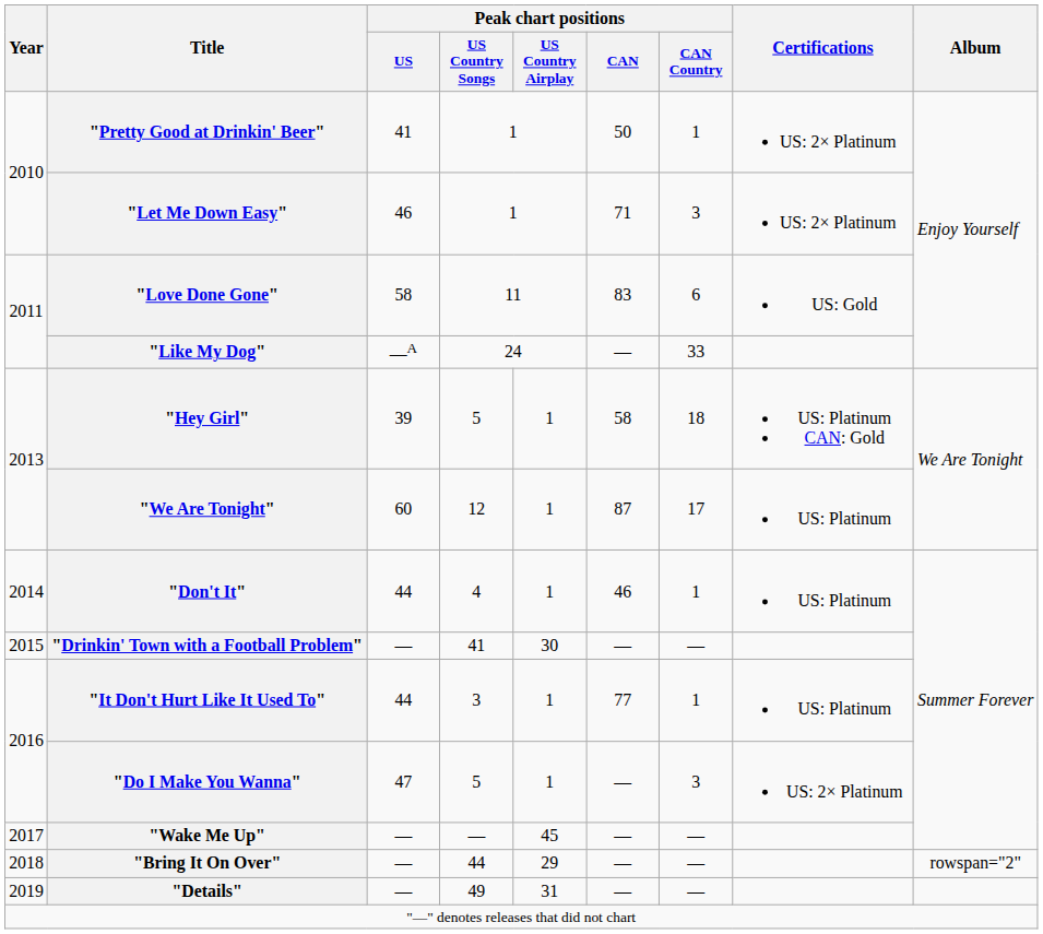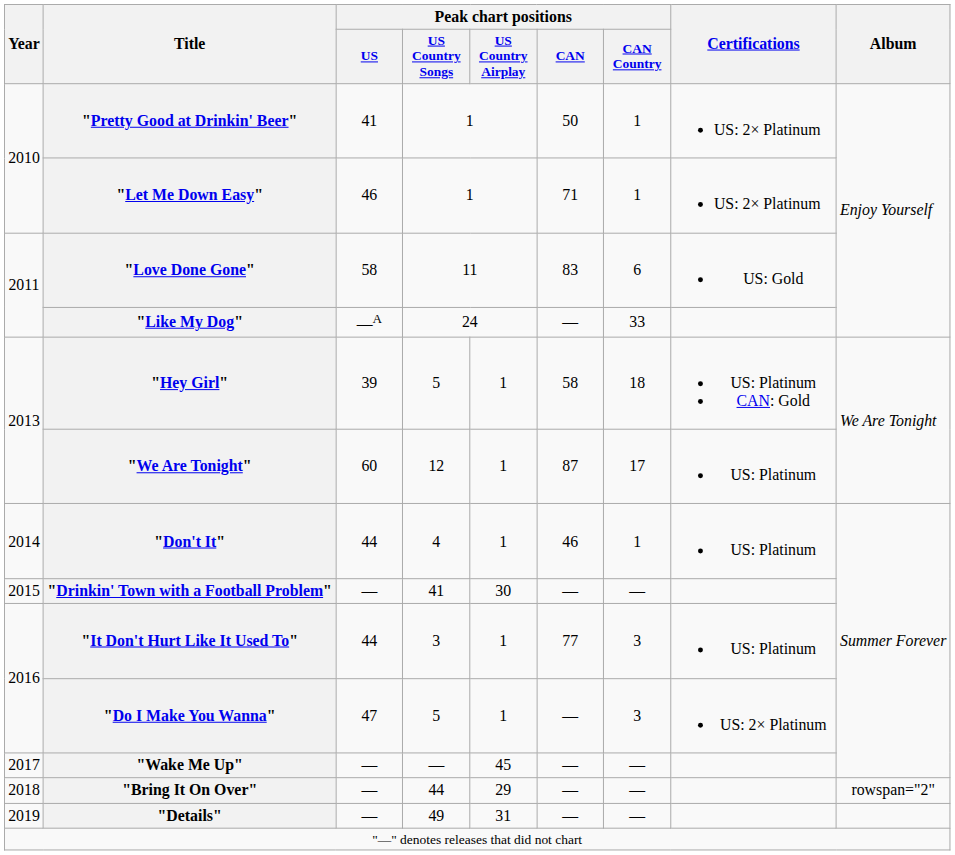 <table class="wikitable plainrowheaders" style="text-align:center;" border="1">
 <tr>
 <th scope="col" rowspan="2">Year</th>
 <th scope="col" rowspan="2" style="width:18em;">Title</th>
 <th scope="col" colspan="5">Peak chart positions</th>
 <th scope="col" rowspan="2" style="width:10em;"><a href='#'>Certifications</a></th>
 <th scope="col" rowspan="2">Album</th>
 </tr>
 <tr>
 <th scope="col" style="width:4.5em;font-size:85%;"><a href='#'>US</a><br></th>
 <th scope="col" style="width:4.5em;font-size:85%;"><a href='#'>US Country Songs</a><br></th>
 <th scope="col" style="width:4.5em;font-size:85%;"><a href='#'>US Country Airplay</a><br></th>
 <th scope="col" style="width:4.5em;font-size:85%;"><a href='#'>CAN</a><br></th>
 <th scope="col" style="width:4.5em;font-size:85%;"><a href='#'>CAN Country</a><br></th>
 </tr>
 <tr>
 <td rowspan="2">2010</td>
 <th scope="row">"<a href='#'>Pretty Good at Drinkin' Beer</a>"</th>
 <td>41</td>
 <td colspan="2">1</td>
 <td>50</td>
 <td>1</td>
 <td align="left"><br><ul><li>US: 2× Platinum</li></ul></td>
 <td align="left" rowspan="4"><em>Enjoy Yourself</em></td>
 </tr>
 <tr>
 <th scope="row">"<a href='#'>Let Me Down Easy</a>"</th>
 <td>46</td>
 <td colspan="2">1</td>
 <td>71</td>
-<td>3</td>
+<td>1</td>
 <td align="left"><br><ul><li>US: 2× Platinum</li></ul></td>
 </tr>
 <tr>
 <td rowspan="2">2011</td>
 <th scope="row">"<a href='#'>Love Done Gone</a>"</th>
 <td>58</td>
 <td colspan="2">11</td>
 <td>83</td>
 <td>6</td>
 <td align=“left”><br><ul><li>US: Gold</li></ul></td>
 </tr>
 <tr>
 <th scope="row">"<a href='#'>Like My Dog</a>"</th>
 <td>—<sup>A</sup></td>
 <td colspan="2">24</td>
 <td>—</td>
 <td>33</td>
 <td></td>
 </tr>
 <tr>
 <td rowspan="2">2013</td>
 <th scope="row">"<a href='#'>Hey Girl</a>"</th>
 <td>39</td>
 <td>5</td>
 <td>1</td>
 <td>58</td>
 <td>18</td>
 <td><br><ul><li>US: Platinum</li><li><a href='#'>CAN</a>: Gold</li></ul></td>
 <td rowspan="2" align="left"><em>We Are Tonight</em></td>
 </tr>
 <tr>
 <th scope="row">"<a href='#'>We Are Tonight</a>"</th>
 <td>60</td>
 <td>12</td>
 <td>1</td>
 <td>87</td>
 <td>17</td>
 <td><br><ul><li>US: Platinum</li></ul></td>
 </tr>
 <tr>
 <td>2014</td>
 <th scope="row">"<a href='#'>Don't It</a>"</th>
 <td>44</td>
 <td>4</td>
 <td>1</td>
 <td>46</td>
 <td>1</td>
 <td><br><ul><li>US: Platinum</li></ul></td>
 <td rowspan="5" align="left"><em>Summer Forever</em></td>
 </tr>
 <tr>
 <td>2015</td>
 <th scope="row">"<a href='#'>Drinkin' Town with a Football Problem</a>"</th>
 <td>—</td>
 <td>41</td>
 <td>30</td>
 <td>—</td>
 <td>—</td>
 <td></td>
 </tr>
 <tr>
 <td rowspan="2">2016</td>
 <th scope="row">"<a href='#'>It Don't Hurt Like It Used To</a>"</th>
 <td>44</td>
 <td>3</td>
 <td>1</td>
 <td>77</td>
-<td>1</td>
+<td>3</td>
 <td><br><ul><li>US: Platinum</li></ul></td>
 </tr>
 <tr>
 <th scope="row">"<a href='#'>Do I Make You Wanna</a>"</th>
 <td>47</td>
 <td>5</td>
 <td>1</td>
 <td>—</td>
 <td>3</td>
 <td><br><ul><li>US: 2× Platinum</li></ul></td>
 </tr>
 <tr>
 <td>2017</td>
 <th scope="row">"Wake Me Up"</th>
 <td>—</td>
 <td>—</td>
 <td>45</td>
 <td>—</td>
 <td>—</td>
 <td></td>
 </tr>
 <tr>
 <td>2018</td>
 <th scope="row">"Bring It On Over"</th>
 <td>—</td>
 <td>44</td>
 <td>29</td>
 <td>—</td>
 <td>—</td>
 <td></td>
 <td>rowspan="2" </td>
 </tr>
 <tr>
 <td>2019</td>
 <th scope="row">"Details"</th>
 <td>—</td>
 <td>49</td>
 <td>31</td>
 <td>—</td>
 <td>—</td>
 <td></td>
 </tr>
 <tr>
 <td colspan="9" style="font-size:85%">"—" denotes releases that did not chart</td>
 </tr>
 </table>
